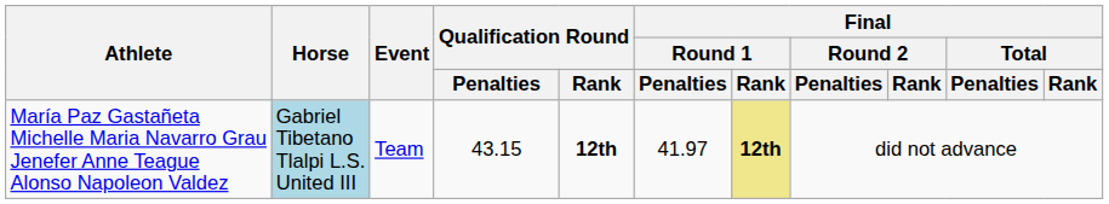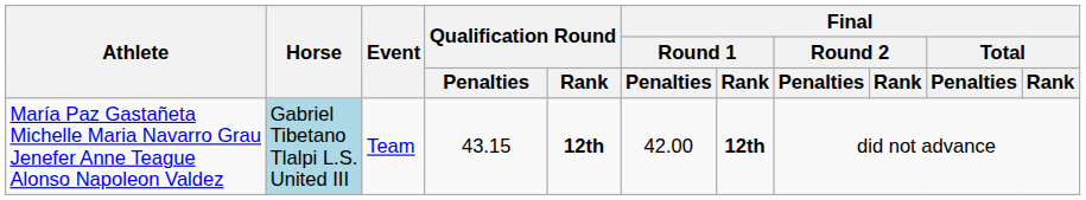 <table class=wikitable style="font-size:90%">
 <tr>
 <th rowspan=3>Athlete</th>
 <th rowspan=3>Horse</th>
 <th rowspan=3>Event</th>
 <th colspan=2 rowspan=2>Qualification Round</th>
 <th colspan=8>Final</th>
 </tr>
 <tr>
 <th colspan=2>Round 1</th>
 <th colspan=2>Round 2</th>
 <th colspan=2>Total</th>
 </tr>
 <tr>
 <th>Penalties</th>
 <th>Rank</th>
 <th>Penalties</th>
 <th>Rank</th>
 <th>Penalties</th>
 <th>Rank</th>
 <th>Penalties</th>
 <th>Rank</th>
 </tr>
 <tr>
 <td><a href='#'>María Paz Gastañeta</a><br><a href='#'>Michelle Maria Navarro Grau</a><br><a href='#'>Jenefer Anne Teague</a><br><a href='#'>Alonso Napoleon Valdez</a></td>
 <td style="background: lightblue;">Gabriel<br>Tibetano<br>Tlalpi L.S.<br>United III</td>
 <td><a href='#'>Team</a></td>
 <td align=center>43.15</td>
 <td align=center><strong>12th</strong></td>
-<td align=center>41.97</td>
-<td align=center style="background: khaki;"><strong>12th</strong></td>
+<td align=center>42.00</td>
+<td align=center><strong>12th</strong></td>
 <td align=center colspan="7">did not advance</td>
 </tr>
 </table>
